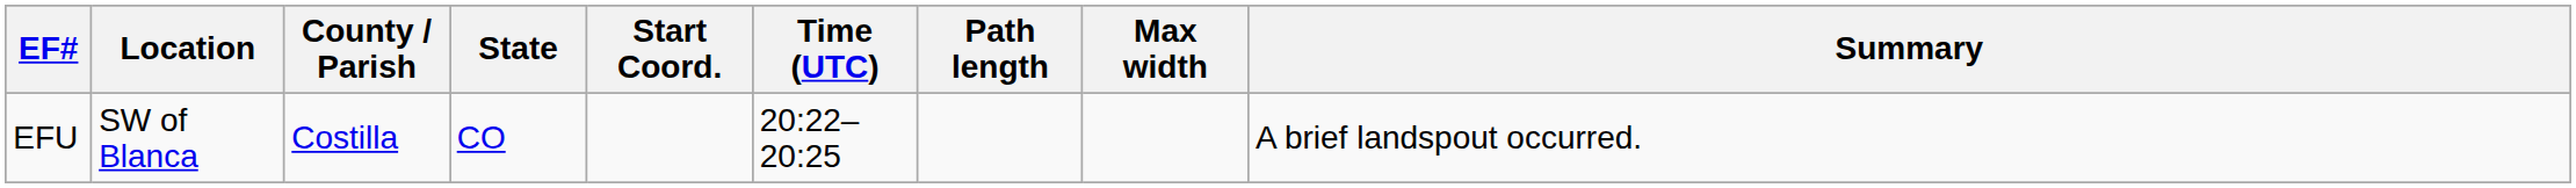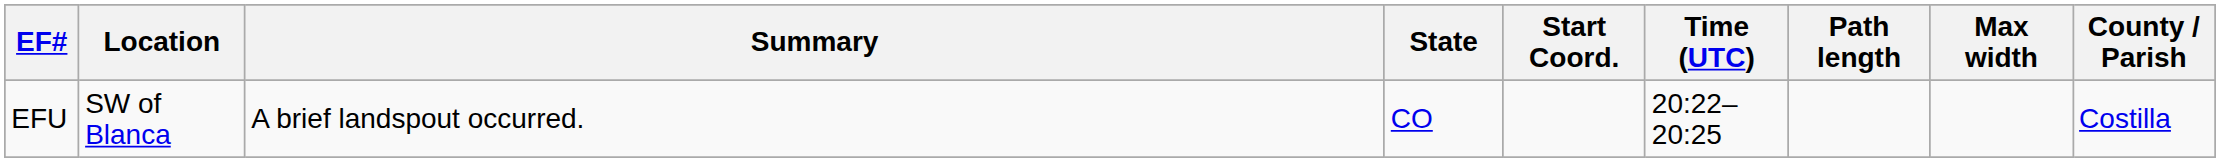 <table class="wikitable sortable" style="width:100%;">
 <tr>
 <th scope="col"  style="width:3%; text-align:center;"><a href='#'>EF#</a></th>
 <th scope="col"  style="width:7%; text-align:center;" class="unsortable">Location</th>
-<th scope="col"  style="width:6%; text-align:center;" class="unsortable">County / Parish</th>
+<th scope="col" class="unsortable" style="width:48%; text-align:center;">Summary</th>
 <th scope="col"  style="width:5%; text-align:center;">State</th>
 <th scope="col"  style="width:6%; text-align:center;">Start Coord.</th>
 <th scope="col"  style="width:6%; text-align:center;">Time (<a href='#'>UTC</a>)</th>
 <th scope="col"  style="width:6%; text-align:center;">Path length</th>
 <th scope="col"  style="width:6%; text-align:center;">Max width</th>
-<th scope="col" class="unsortable" style="width:48%; text-align:center;">Summary</th>
+<th scope="col"  style="width:6%; text-align:center;" class="unsortable">County / Parish</th>
 </tr>
 <tr>
 <td>EFU</td>
 <td>SW of <a href='#'>Blanca</a></td>
-<td><a href='#'>Costilla</a></td>
+<td>A brief landspout occurred.</td>
 <td><a href='#'>CO</a></td>
 <td></td>
 <td>20:22–20:25</td>
 <td></td>
 <td></td>
-<td>A brief landspout occurred.</td>
+<td><a href='#'>Costilla</a></td>
 </tr>
 </table>
